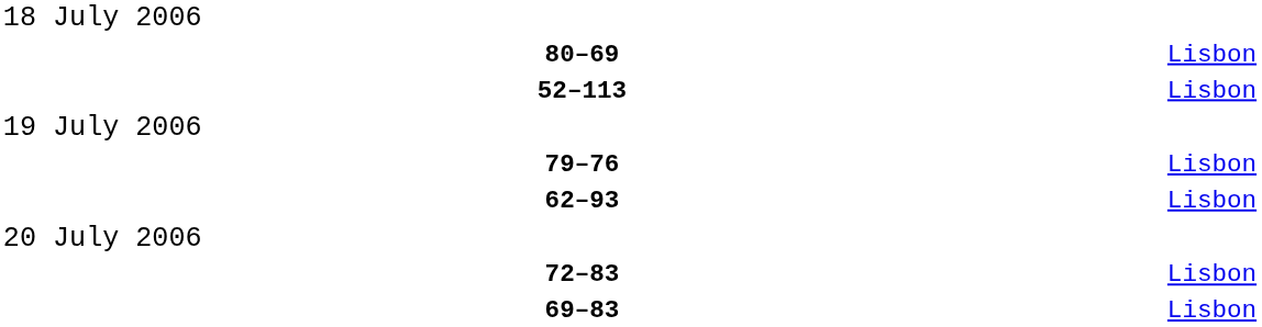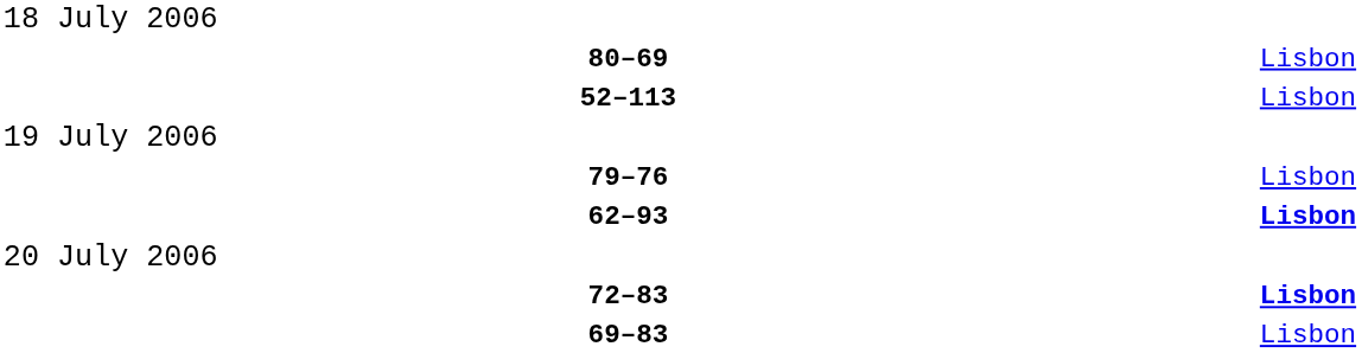 <table style="width:100%;" cellspacing="1">
 <tr>
 <th width=25%></th>
 <th width=3%></th>
 <th width=6%></th>
 <th width=3%></th>
 <th width=25%></th>
 </tr>
 <tr>
 <td>18 July 2006</td>
 </tr>
 <tr style=font-size:90%>
 <td align=right><strong></strong></td>
 <td></td>
 <td align=center><strong>80–69</strong></td>
 <td></td>
 <td><strong></strong></td>
 <td><a href='#'>Lisbon</a></td>
 </tr>
 <tr style=font-size:90%>
 <td align=right><strong></strong></td>
 <td></td>
 <td align=center><strong>52–113</strong></td>
 <td></td>
 <td><strong></strong></td>
 <td><a href='#'>Lisbon</a></td>
 </tr>
 <tr>
 <td>19 July 2006</td>
 </tr>
 <tr style=font-size:90%>
 <td align=right><strong></strong></td>
 <td></td>
 <td align=center><strong>79–76</strong></td>
 <td></td>
 <td><strong></strong></td>
 <td><a href='#'>Lisbon</a></td>
 </tr>
 <tr style=font-size:90%>
 <td align=right><strong></strong></td>
 <td></td>
 <td align=center><strong>62–93</strong></td>
 <td></td>
 <td><strong></strong></td>
-<td><a href='#'>Lisbon</a></td>
+<td><strong><a href='#'>Lisbon</a></strong></td>
 </tr>
 <tr>
 <td>20 July 2006</td>
 </tr>
 <tr style=font-size:90%>
 <td align=right><strong></strong></td>
 <td></td>
 <td align=center><strong>72–83</strong></td>
 <td></td>
 <td><strong></strong></td>
-<td><a href='#'>Lisbon</a></td>
+<td><strong><a href='#'>Lisbon</a></strong></td>
 </tr>
 <tr style=font-size:90%>
 <td align=right><strong></strong></td>
 <td></td>
 <td align=center><strong>69–83</strong></td>
 <td></td>
 <td><strong></strong></td>
 <td><a href='#'>Lisbon</a></td>
 </tr>
 </table>
